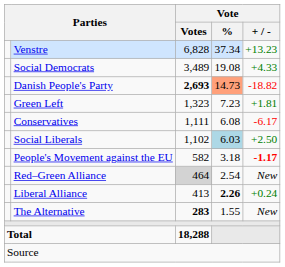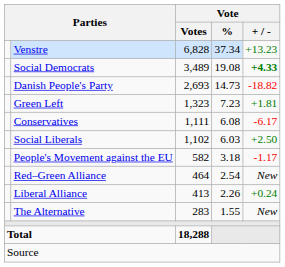 <table class="wikitable" style="text-align:right;">
 <tr>
 <th style="text-align:centre;" rowspan="2" colspan="2" width="225">Parties</th>
 <th colspan="3">Vote</th>
 </tr>
 <tr>
 <th width="15">Votes</th>
 <th width="15">%</th>
 <th width="15">+ / -</th>
 </tr>
 <tr>
 <td width="2" style="color:inherit;background:"></td>
 <td bgcolor=#cfe5fe   align="left"><a href='#'>Venstre</a></td>
 <td bgcolor=#cfe5fe>6,828</td>
 <td bgcolor=#cfe5fe>37.34</td>
 <td style=color:green;>+13.23</td>
 </tr>
 <tr>
 <td width="2" style="color:inherit;background:"></td>
 <td align="left"><a href='#'>Social Democrats</a></td>
 <td>3,489</td>
 <td>19.08</td>
-<td style=color:green;>+4.33</td>
+<td style=color:green;><strong>+4.33</strong></td>
 </tr>
 <tr>
 <td width="2" style="color:inherit;background:"></td>
 <td align="left"><a href='#'>Danish People's Party</a></td>
-<td><strong>2,693</strong></td>
-<td style="background: lightsalmon;">14.73</td>
+<td>2,693</td>
+<td>14.73</td>
 <td style=color:red;>-18.82</td>
 </tr>
 <tr>
 <td width="2" style="color:inherit;background:"></td>
 <td align="left"><a href='#'>Green Left</a></td>
 <td>1,323</td>
 <td>7.23</td>
 <td style=color:green;>+1.81</td>
 </tr>
 <tr>
 <td width="2" style="color:inherit;background:"></td>
 <td align="left"><a href='#'>Conservatives</a></td>
 <td>1,111</td>
 <td>6.08</td>
 <td style=color:red;>-6.17</td>
 </tr>
 <tr>
 <td width="2" style="color:inherit;background:"></td>
 <td align="left"><a href='#'>Social Liberals</a></td>
 <td>1,102</td>
-<td style="background: lightblue;">6.03</td>
+<td>6.03</td>
 <td style=color:green;>+2.50</td>
 </tr>
 <tr>
 <td width="2" style="color:inherit;background:"></td>
 <td align="left"><a href='#'>People's Movement against the EU</a></td>
 <td>582</td>
 <td>3.18</td>
-<td style=color:red;><strong>-1.17</strong></td>
+<td style=color:red;>-1.17</td>
 </tr>
 <tr>
 <td width="2" style="color:inherit;background:"></td>
 <td align="left"><a href='#'>Red–Green Alliance</a></td>
-<td style="background: lightgrey;">464</td>
+<td>464</td>
 <td>2.54</td>
 <td><em>New</em></td>
 </tr>
 <tr>
 <td width="2" style="color:inherit;background:"></td>
 <td align="left"><a href='#'>Liberal Alliance</a></td>
 <td>413</td>
-<td><strong>2.26</strong></td>
+<td>2.26</td>
 <td style=color:green;>+0.24</td>
 </tr>
 <tr>
 <td width="2" style="color:inherit;background:"></td>
 <td align="left"><a href='#'>The Alternative</a></td>
-<td><strong>283</strong></td>
+<td>283</td>
 <td>1.55</td>
 <td><em>New</em></td>
 </tr>
 <tr>
 <td colspan="7" bgcolor="#E9E9E9"></td>
 </tr>
 <tr>
 <td align="left" colspan="2"><strong>Total</strong></td>
 <td><strong>18,288</strong></td>
 <td bgcolor="#E9E9E9" colspan="2"></td>
 </tr>
 <tr>
 <td align="left" colspan="6">Source</td>
 </tr>
 </table>
